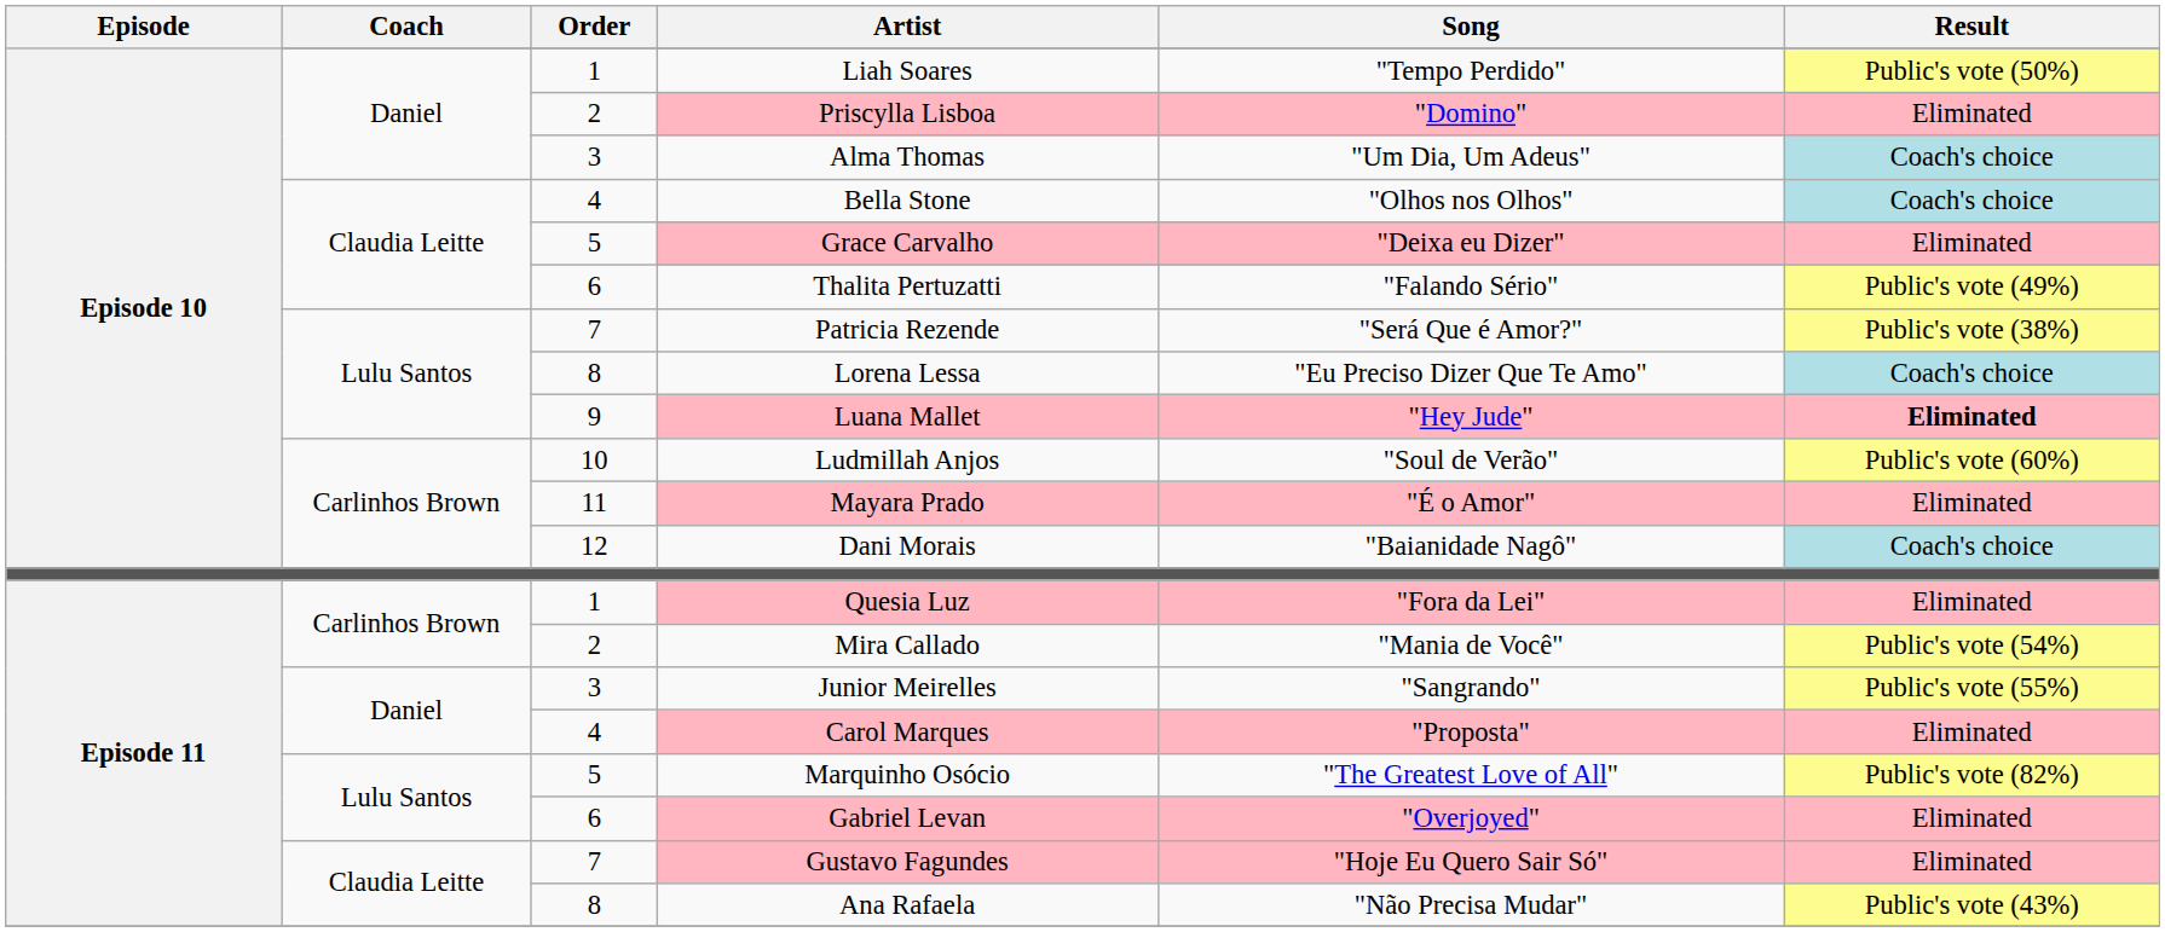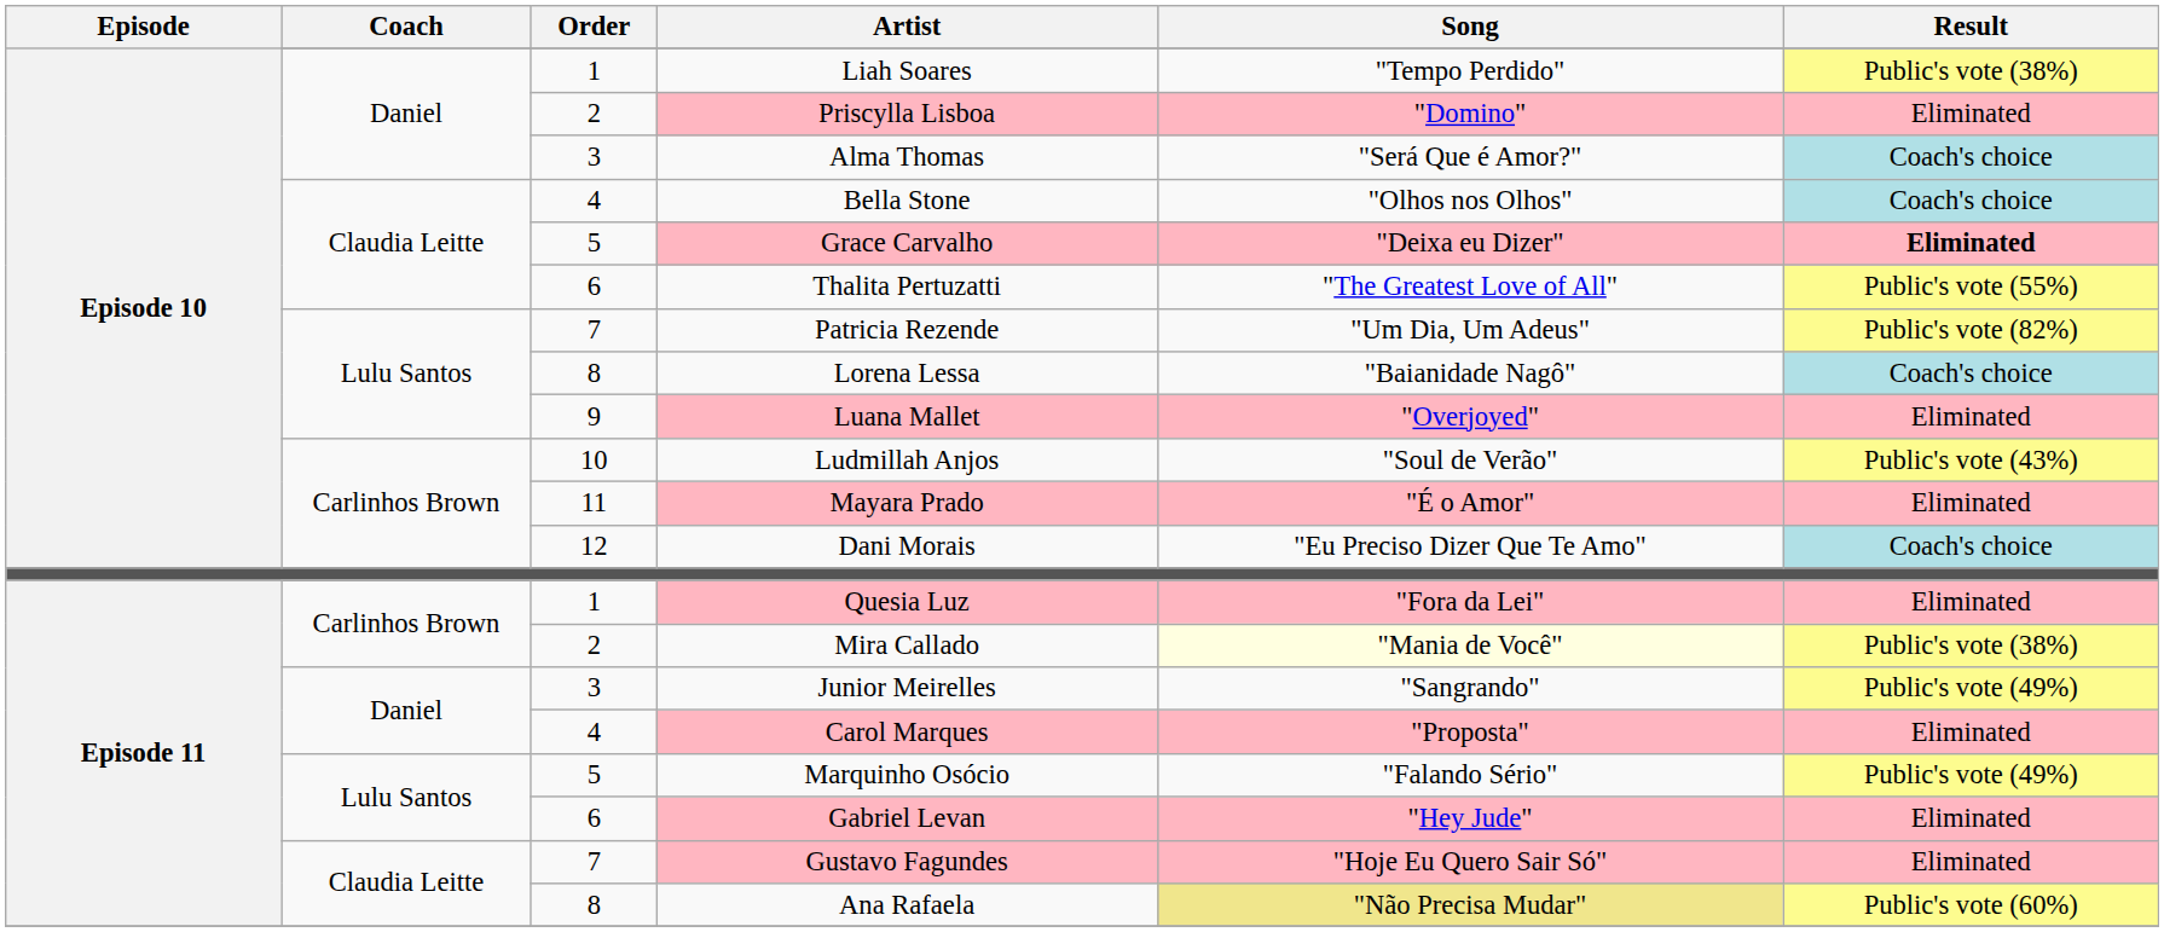 <table class="wikitable" style="text-align:center; width:100%;">
 <tr>
 <th scope="col" width="11%">Episode</th>
 <th scope="col" width="10%">Coach</th>
 <th scope="col" width="05%">Order</th>
 <th scope="col" width="20%">Artist</th>
 <th scope="col" width="25%">Song</th>
 <th scope="col" width="15%">Result</th>
 </tr>
 <tr>
 <th scope="col" rowspan="13">Episode 10<br></th>
 </tr>
 <tr>
 <td rowspan=3>Daniel</td>
 <td>1</td>
 <td>Liah Soares</td>
 <td>"Tempo Perdido"</td>
-<td bgcolor="FDFC8F">Public's vote (50%)</td>
+<td bgcolor="FDFC8F">Public's vote (38%)</td>
 </tr>
 <tr>
 <td>2</td>
 <td bgcolor="FFB6C1">Priscylla Lisboa</td>
 <td bgcolor="FFB6C1">"<a href='#'>Domino</a>"</td>
 <td bgcolor="FFB6C1">Eliminated</td>
 </tr>
 <tr>
 <td>3</td>
 <td>Alma Thomas</td>
-<td>"Um Dia, Um Adeus"</td>
+<td>"Será Que é Amor?"</td>
 <td bgcolor="B0E0E6">Coach's choice</td>
 </tr>
 <tr>
 <td rowspan=3>Claudia Leitte</td>
 <td>4</td>
 <td>Bella Stone</td>
 <td>"Olhos nos Olhos"</td>
 <td bgcolor="B0E0E6">Coach's choice</td>
 </tr>
 <tr>
 <td>5</td>
 <td bgcolor="FFB6C1">Grace Carvalho</td>
 <td bgcolor="FFB6C1">"Deixa eu Dizer"</td>
-<td bgcolor="FFB6C1">Eliminated</td>
+<td bgcolor="FFB6C1"><strong>Eliminated</strong></td>
 </tr>
 <tr>
 <td>6</td>
 <td>Thalita Pertuzatti</td>
-<td>"Falando Sério"</td>
-<td bgcolor="FDFC8F">Public's vote (49%)</td>
+<td>"<a href='#'>The Greatest Love of All</a>"</td>
+<td bgcolor="FDFC8F">Public's vote (55%)</td>
 </tr>
 <tr>
 <td rowspan=3>Lulu Santos</td>
 <td>7</td>
 <td>Patricia Rezende</td>
-<td>"Será Que é Amor?"</td>
-<td bgcolor="FDFC8F">Public's vote (38%)</td>
+<td>"Um Dia, Um Adeus"</td>
+<td bgcolor="FDFC8F">Public's vote (82%)</td>
 </tr>
 <tr>
 <td>8</td>
 <td>Lorena Lessa</td>
-<td>"Eu Preciso Dizer Que Te Amo"</td>
+<td>"Baianidade Nagô"</td>
 <td bgcolor="B0E0E6">Coach's choice</td>
 </tr>
 <tr>
 <td>9</td>
 <td bgcolor="FFB6C1">Luana Mallet</td>
-<td bgcolor="FFB6C1">"<a href='#'>Hey Jude</a>"</td>
-<td bgcolor="FFB6C1"><strong>Eliminated</strong></td>
+<td bgcolor="FFB6C1">"<a href='#'>Overjoyed</a>"</td>
+<td bgcolor="FFB6C1">Eliminated</td>
 </tr>
 <tr>
 <td rowspan=3>Carlinhos Brown</td>
 <td>10</td>
 <td>Ludmillah Anjos</td>
 <td>"Soul de Verão"</td>
-<td bgcolor="FDFC8F">Public's vote (60%)</td>
+<td bgcolor="FDFC8F">Public's vote (43%)</td>
 </tr>
 <tr>
 <td>11</td>
 <td bgcolor="FFB6C1">Mayara Prado</td>
 <td bgcolor="FFB6C1">"É o Amor"</td>
 <td bgcolor="FFB6C1">Eliminated</td>
 </tr>
 <tr>
 <td>12</td>
 <td>Dani Morais</td>
-<td>"Baianidade Nagô"</td>
+<td>"Eu Preciso Dizer Que Te Amo"</td>
 <td bgcolor="B0E0E6">Coach's choice</td>
 </tr>
 <tr>
 <td colspan=6 bgcolor=555555></td>
 </tr>
 <tr>
 <th scope="col" rowspan="9">Episode 11<br></th>
 </tr>
 <tr>
 <td rowspan=2>Carlinhos Brown</td>
 <td>1</td>
 <td bgcolor="FFB6C1">Quesia Luz</td>
 <td bgcolor="FFB6C1">"Fora da Lei"</td>
 <td bgcolor="FFB6C1">Eliminated</td>
 </tr>
 <tr>
 <td>2</td>
 <td>Mira Callado</td>
-<td>"Mania de Você"</td>
-<td bgcolor="FDFC8F">Public's vote (54%)</td>
+<td style="background: lightyellow;">"Mania de Você"</td>
+<td bgcolor="FDFC8F">Public's vote (38%)</td>
 </tr>
 <tr>
 <td rowspan=2>Daniel</td>
 <td>3</td>
 <td>Junior Meirelles</td>
 <td>"Sangrando"</td>
-<td bgcolor="FDFC8F">Public's vote (55%)</td>
+<td bgcolor="FDFC8F">Public's vote (49%)</td>
 </tr>
 <tr>
 <td>4</td>
 <td bgcolor="FFB6C1">Carol Marques</td>
 <td bgcolor="FFB6C1">"Proposta"</td>
 <td bgcolor="FFB6C1">Eliminated</td>
 </tr>
 <tr>
 <td rowspan=2>Lulu Santos</td>
 <td>5</td>
 <td>Marquinho Osócio</td>
-<td>"<a href='#'>The Greatest Love of All</a>"</td>
-<td bgcolor="FDFC8F">Public's vote (82%)</td>
+<td>"Falando Sério"</td>
+<td bgcolor="FDFC8F">Public's vote (49%)</td>
 </tr>
 <tr>
 <td>6</td>
 <td bgcolor="FFB6C1">Gabriel Levan</td>
-<td bgcolor="FFB6C1">"<a href='#'>Overjoyed</a>"</td>
+<td bgcolor="FFB6C1">"<a href='#'>Hey Jude</a>"</td>
 <td bgcolor="FFB6C1">Eliminated</td>
 </tr>
 <tr>
 <td rowspan=2>Claudia Leitte</td>
 <td>7</td>
 <td bgcolor="FFB6C1">Gustavo Fagundes</td>
 <td bgcolor="FFB6C1">"Hoje Eu Quero Sair Só"</td>
 <td bgcolor="FFB6C1">Eliminated</td>
 </tr>
 <tr>
 <td>8</td>
 <td>Ana Rafaela</td>
-<td>"Não Precisa Mudar"</td>
-<td bgcolor="FDFC8F">Public's vote (43%)</td>
+<td style="background: khaki;">"Não Precisa Mudar"</td>
+<td bgcolor="FDFC8F">Public's vote (60%)</td>
 </tr>
 <tr>
 </tr>
 </table>
